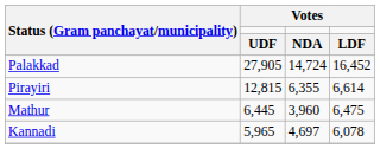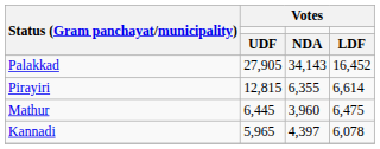 <table class="wikitable">
 <tr>
 <th rowspan="3">Status (<a href='#'>Gram panchayat</a>/<a href='#'>municipality</a>)</th>
 <th colspan="3">Votes</th>
 </tr>
 <tr>
 <td style="background:"></td>
 <td style="background:"></td>
 <td style="background:"></td>
 </tr>
 <tr>
 <th>UDF</th>
 <th>NDA</th>
 <th>LDF</th>
 </tr>
 <tr>
 <td><a href='#'>Palakkad</a></td>
 <td>27,905</td>
-<td>14,724</td>
+<td>34,143</td>
 <td>16,452</td>
 </tr>
 <tr>
 <td><a href='#'>Pirayiri</a></td>
 <td>12,815</td>
 <td>6,355</td>
 <td>6,614</td>
 </tr>
 <tr>
 <td><a href='#'>Mathur</a></td>
 <td>6,445</td>
 <td>3,960</td>
 <td>6,475</td>
 </tr>
 <tr>
 <td><a href='#'>Kannadi</a></td>
 <td>5,965</td>
-<td>4,697</td>
+<td>4,397</td>
 <td>6,078</td>
 </tr>
 <tr>
 </tr>
 </table>
